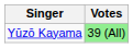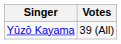 <table class="wikitable">
 <tr>
 <th>Singer</th>
 <th>Votes</th>
 </tr>
 <tr>
 <td><a href='#'>Yūzō Kayama</a></td>
-<td style="background: lightgreen;">39 (All)</td>
+<td>39 (All)</td>
 </tr>
 </table>
